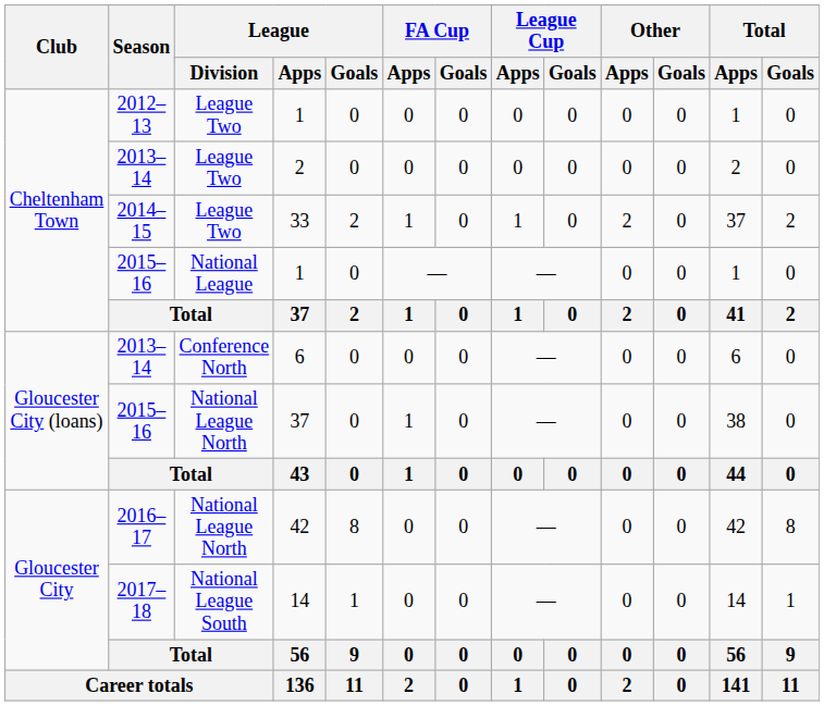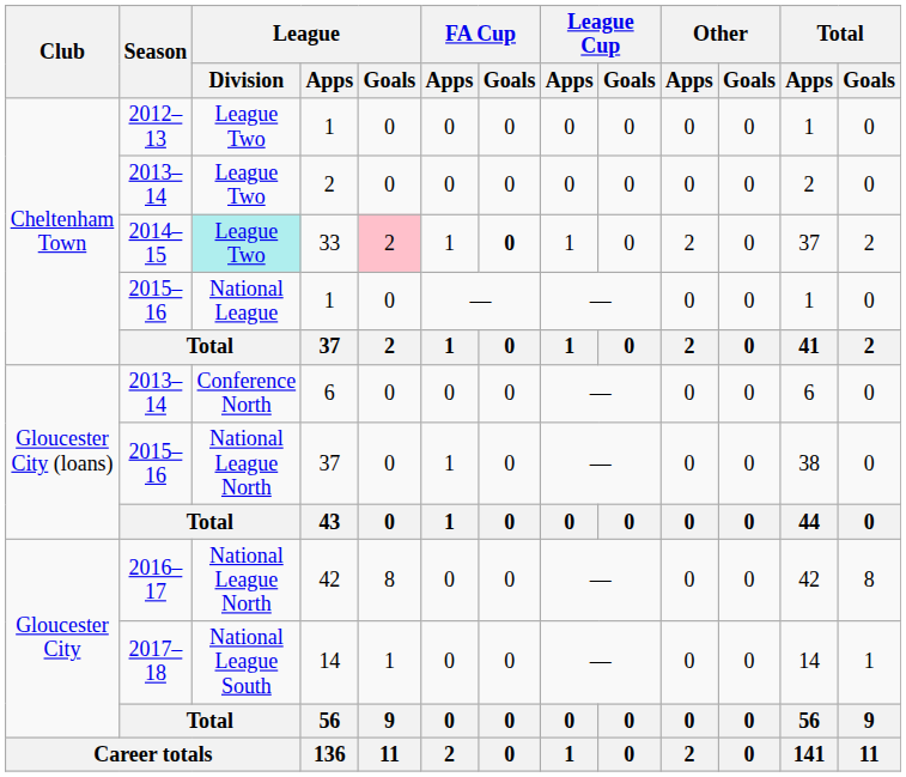 <table class="wikitable" style="text-align: center">
 <tr>
 <th rowspan="2">Club</th>
 <th rowspan="2">Season</th>
 <th colspan="3">League</th>
 <th colspan="2"><a href='#'>FA Cup</a></th>
 <th colspan="2"><a href='#'>League Cup</a></th>
 <th colspan="2">Other</th>
 <th colspan="2">Total</th>
 </tr>
 <tr>
 <th>Division</th>
 <th>Apps</th>
 <th>Goals</th>
 <th>Apps</th>
 <th>Goals</th>
 <th>Apps</th>
 <th>Goals</th>
 <th>Apps</th>
 <th>Goals</th>
 <th>Apps</th>
 <th>Goals</th>
 </tr>
 <tr>
 <td rowspan="5"><a href='#'>Cheltenham Town</a></td>
 <td><a href='#'>2012–13</a></td>
 <td><a href='#'>League Two</a></td>
 <td>1</td>
 <td>0</td>
 <td>0</td>
 <td>0</td>
 <td>0</td>
 <td>0</td>
 <td>0</td>
 <td>0</td>
 <td>1</td>
 <td>0</td>
 </tr>
 <tr>
 <td><a href='#'>2013–14</a></td>
 <td><a href='#'>League Two</a></td>
 <td>2</td>
 <td>0</td>
 <td>0</td>
 <td>0</td>
 <td>0</td>
 <td>0</td>
 <td>0</td>
 <td>0</td>
 <td>2</td>
 <td>0</td>
 </tr>
 <tr>
 <td><a href='#'>2014–15</a></td>
-<td><a href='#'>League Two</a></td>
+<td style="background: paleturquoise;"><a href='#'>League Two</a></td>
 <td>33</td>
-<td>2</td>
+<td style="background: pink;">2</td>
 <td>1</td>
-<td>0</td>
+<td><strong>0</strong></td>
 <td>1</td>
 <td>0</td>
 <td>2</td>
 <td>0</td>
 <td>37</td>
 <td>2</td>
 </tr>
 <tr>
 <td><a href='#'>2015–16</a></td>
 <td><a href='#'>National League</a></td>
 <td>1</td>
 <td>0</td>
 <td colspan="2">—</td>
 <td colspan="2">—</td>
 <td>0</td>
 <td>0</td>
 <td>1</td>
 <td>0</td>
 </tr>
 <tr>
 <th colspan="2">Total</th>
 <th>37</th>
 <th>2</th>
 <th>1</th>
 <th>0</th>
 <th>1</th>
 <th>0</th>
 <th>2</th>
 <th>0</th>
 <th>41</th>
 <th>2</th>
 </tr>
 <tr>
 <td rowspan="3"><a href='#'>Gloucester City</a> (loans)</td>
 <td><a href='#'>2013–14</a></td>
 <td><a href='#'>Conference North</a></td>
 <td>6</td>
 <td>0</td>
 <td>0</td>
 <td>0</td>
 <td colspan="2">—</td>
 <td>0</td>
 <td>0</td>
 <td>6</td>
 <td>0</td>
 </tr>
 <tr>
 <td><a href='#'>2015–16</a></td>
 <td><a href='#'>National League North</a></td>
 <td>37</td>
 <td>0</td>
 <td>1</td>
 <td>0</td>
 <td colspan="2">—</td>
 <td>0</td>
 <td>0</td>
 <td>38</td>
 <td>0</td>
 </tr>
 <tr>
 <th colspan="2">Total</th>
 <th>43</th>
 <th>0</th>
 <th>1</th>
 <th>0</th>
 <th>0</th>
 <th>0</th>
 <th>0</th>
 <th>0</th>
 <th>44</th>
 <th>0</th>
 </tr>
 <tr>
 <td rowspan="3"><a href='#'>Gloucester City</a></td>
 <td><a href='#'>2016–17</a></td>
 <td><a href='#'>National League North</a></td>
 <td>42</td>
 <td>8</td>
 <td>0</td>
 <td>0</td>
 <td colspan="2">—</td>
 <td>0</td>
 <td>0</td>
 <td>42</td>
 <td>8</td>
 </tr>
 <tr>
 <td><a href='#'>2017–18</a></td>
 <td><a href='#'>National League South</a></td>
 <td>14</td>
 <td>1</td>
 <td>0</td>
 <td>0</td>
 <td colspan="2">—</td>
 <td>0</td>
 <td>0</td>
 <td>14</td>
 <td>1</td>
 </tr>
 <tr>
 <th colspan="2">Total</th>
 <th>56</th>
 <th>9</th>
 <th>0</th>
 <th>0</th>
 <th>0</th>
 <th>0</th>
 <th>0</th>
 <th>0</th>
 <th>56</th>
 <th>9</th>
 </tr>
 <tr>
 <th colspan="3">Career totals</th>
 <th>136</th>
 <th>11</th>
 <th>2</th>
 <th>0</th>
 <th>1</th>
 <th>0</th>
 <th>2</th>
 <th>0</th>
 <th>141</th>
 <th>11</th>
 </tr>
 </table>
